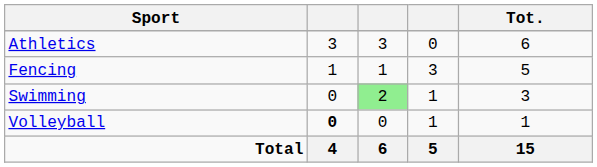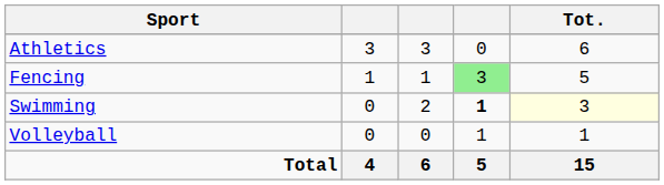 <table class="wikitable" width=30% style="font-size:100%; text-align:center;">
 <tr>
 <th>Sport</th>
 <th></th>
 <th></th>
 <th></th>
 <th>Tot.</th>
 </tr>
 <tr>
 </tr>
 <tr>
 <td align=left> <a href='#'>Athletics</a></td>
 <td>3</td>
 <td>3</td>
 <td>0</td>
 <td>6</td>
 </tr>
 <tr>
 <td align=left> <a href='#'>Fencing</a></td>
 <td>1</td>
 <td>1</td>
-<td>3</td>
+<td style="background: lightgreen;">3</td>
 <td>5</td>
 </tr>
 <tr>
 <td align=left> <a href='#'>Swimming</a></td>
 <td>0</td>
-<td style="background: lightgreen;">2</td>
-<td>1</td>
-<td>3</td>
+<td>2</td>
+<td><strong>1</strong></td>
+<td style="background: lightyellow;">3</td>
 </tr>
 <tr>
 <td align=left> <a href='#'>Volleyball</a></td>
-<td><strong>0</strong></td>
+<td>0</td>
 <td>0</td>
 <td>1</td>
 <td>1</td>
 </tr>
 <tr>
 <td align=right><strong>Total</strong></td>
 <th>4</th>
 <th>6</th>
 <th>5</th>
 <th>15</th>
 </tr>
 </table>
